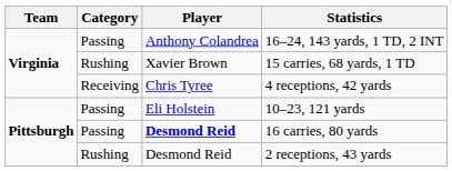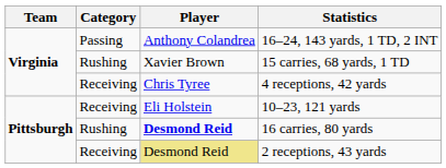 <table class="wikitable" style="float: right;">
 <tr>
 <th>Team</th>
 <th>Category</th>
 <th>Player</th>
 <th>Statistics</th>
 </tr>
 <tr>
 <td rowspan=3><strong>Virginia</strong></td>
 <td>Passing</td>
 <td><a href='#'>Anthony Colandrea</a></td>
 <td>16–24, 143 yards, 1 TD, 2 INT</td>
 </tr>
 <tr>
 <td>Rushing</td>
 <td>Xavier Brown</td>
 <td>15 carries, 68 yards, 1 TD</td>
 </tr>
 <tr>
 <td>Receiving</td>
 <td><a href='#'>Chris Tyree</a></td>
 <td>4 receptions, 42 yards</td>
 </tr>
 <tr>
 <td rowspan=3><strong>Pittsburgh</strong></td>
-<td>Passing</td>
+<td>Receiving</td>
 <td><a href='#'>Eli Holstein</a></td>
 <td>10–23, 121 yards</td>
 </tr>
 <tr>
-<td>Passing</td>
+<td>Rushing</td>
 <td><strong><a href='#'>Desmond Reid</a></strong></td>
 <td>16 carries, 80 yards</td>
 </tr>
 <tr>
-<td>Rushing</td>
-<td>Desmond Reid</td>
+<td>Receiving</td>
+<td style="background: khaki;">Desmond Reid</td>
 <td>2 receptions, 43 yards</td>
 </tr>
 </table>
